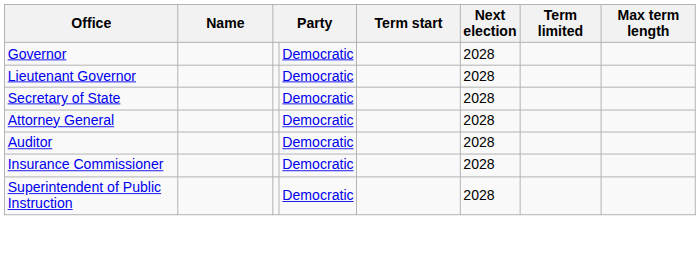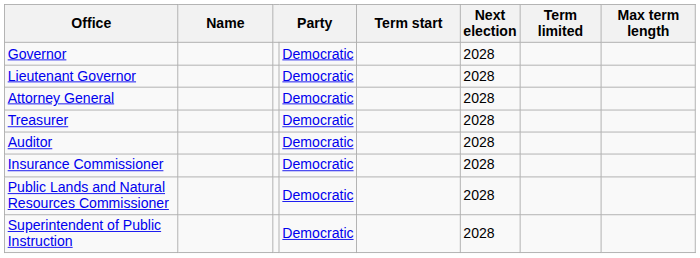 <table class="sortable wikitable">
 <tr>
 <th scope="col" width=190>Office</th>
 <th scope="col" width=100>Name</th>
 <th scope="col" width=75 colspan=2>Party</th>
 <th scope="col" width=110>Term start</th>
 <th scope="col" width=50>Next election</th>
 <th scope="col" width=85>Term limited</th>
 <th scope="col" width=100>Max term length</th>
 </tr>
 <tr>
 <td><a href='#'>Governor</a></td>
 <td></td>
 <td style="background-color:"></td>
 <td><a href='#'>Democratic</a></td>
 <td></td>
 <td>2028</td>
 <td></td>
 <td></td>
 </tr>
 <tr>
 <td><a href='#'>Lieutenant Governor</a></td>
 <td></td>
 <td style="background-color:"></td>
 <td><a href='#'>Democratic</a></td>
 <td></td>
 <td>2028</td>
 <td></td>
 <td></td>
 </tr>
 <tr>
-<td><a href='#'>Secretary of State</a></td>
+<td><a href='#'>Attorney General</a></td>
 <td></td>
 <td style="background-color:"></td>
 <td><a href='#'>Democratic</a></td>
 <td></td>
 <td>2028</td>
 <td></td>
 <td></td>
 </tr>
 <tr>
-<td><a href='#'>Attorney General</a></td>
+<td><a href='#'>Treasurer</a></td>
 <td></td>
 <td style="background-color:"></td>
 <td><a href='#'>Democratic</a></td>
 <td></td>
 <td>2028</td>
 <td></td>
 <td></td>
 </tr>
 <tr>
 <td><a href='#'>Auditor</a></td>
 <td></td>
 <td style="background-color:"></td>
 <td><a href='#'>Democratic</a></td>
 <td></td>
 <td>2028</td>
 <td></td>
 <td></td>
 </tr>
 <tr>
 <td><a href='#'>Insurance Commissioner</a></td>
 <td></td>
 <td style="background-color:"></td>
 <td><a href='#'>Democratic</a></td>
 <td></td>
 <td>2028</td>
 <td></td>
 <td></td>
 </tr>
 <tr>
+<td><a href='#'>Public Lands and Natural Resources Commissioner</a></td>
+<td></td>
+<td style="background-color:"></td>
+<td><a href='#'>Democratic</a></td>
+<td></td>
+<td>2028</td>
+<td></td>
+<td></td>
+</tr>
+<tr>
 <td><a href='#'>Superintendent of Public Instruction</a></td>
 <td></td>
 <td style="background-color:"></td>
 <td><a href='#'>Democratic</a></td>
 <td></td>
 <td>2028</td>
 <td></td>
 <td></td>
 </tr>
 </table>
